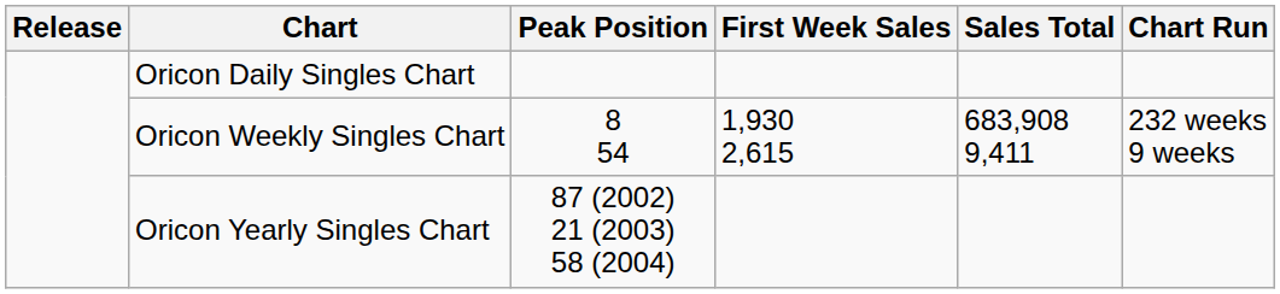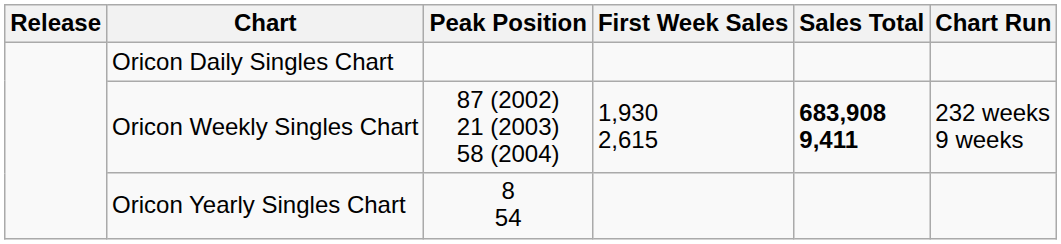 <table class="wikitable">
 <tr>
 <th>Release</th>
 <th>Chart</th>
 <th>Peak Position</th>
 <th>First Week Sales</th>
 <th>Sales Total</th>
 <th>Chart Run</th>
 </tr>
 <tr>
 <td rowspan="3"><br></td>
 <td>Oricon Daily Singles Chart</td>
 <td align="center"></td>
 <td></td>
 <td></td>
 <td></td>
 </tr>
 <tr>
 <td>Oricon Weekly Singles Chart</td>
-<td align="center">8<br>54</td>
+<td align="center">87 (2002)<br>21 (2003)<br>58 (2004)</td>
 <td>1,930<br>2,615</td>
-<td>683,908<br>9,411</td>
+<td><strong>683,908<br>9,411</strong></td>
 <td>232 weeks<br>9 weeks</td>
 </tr>
 <tr>
 <td>Oricon Yearly Singles Chart</td>
-<td align="center">87 (2002)<br>21 (2003)<br>58 (2004)</td>
+<td align="center">8<br>54</td>
 <td></td>
 <td></td>
 <td></td>
 </tr>
 </table>
